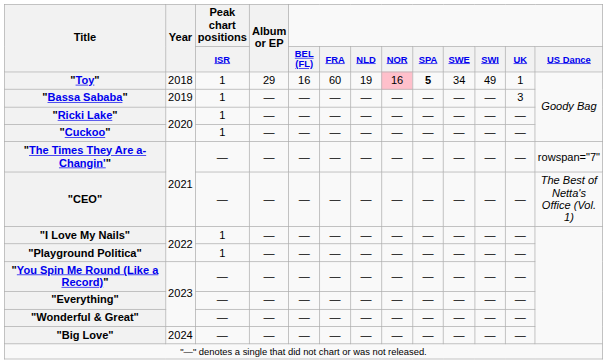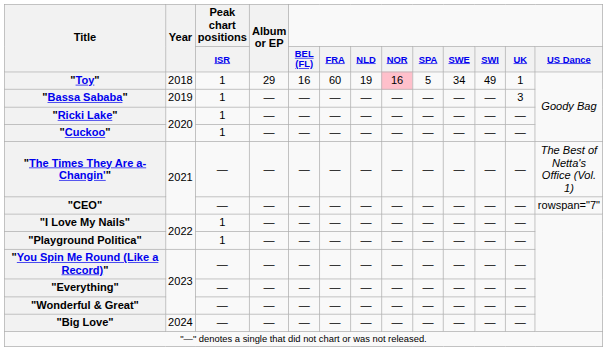 <table class="wikitable plainrowheaders" style="text-align:center;">
 <tr>
 <th scope="col" rowspan="2" style="width:16em;">Title</th>
 <th scope="col" rowspan="2" style="width:1em;">Year</th>
 <th scope="col">Peak chart positions</th>
 <th scope="col" rowspan="2">Album or EP</th>
 </tr>
 <tr>
 <th scope="col" style="width:3em;font-size:85%;"><a href='#'>ISR</a><br></th>
 <th scope="col" style="width:3em;font-size:85%;"><a href='#'>BEL<br>(FL)</a><br></th>
 <th scope="col" style="width:3em;font-size:85%;"><a href='#'>FRA</a><br></th>
 <th scope="col" style="width:3em;font-size:85%;"><a href='#'>NLD</a><br></th>
 <th scope="col" style="width:3em;font-size:85%;"><a href='#'>NOR</a><br></th>
 <th scope="col" style="width:3em;font-size:85%;"><a href='#'>SPA</a><br></th>
 <th scope="col" style="width:3em;font-size:85%;"><a href='#'>SWE</a><br></th>
 <th scope="col" style="width:3em;font-size:85%;"><a href='#'>SWI</a><br></th>
 <th scope="col" style="width:3em;font-size:85%;"><a href='#'>UK</a><br></th>
 <th scope="col" style="width:3em;font-size:85%;"><a href='#'>US Dance</a><br></th>
 </tr>
 <tr>
 <th scope="row">"<a href='#'>Toy</a>"</th>
 <td>2018</td>
 <td>1</td>
 <td>29</td>
 <td>16</td>
 <td>60</td>
 <td>19</td>
 <td style="background: pink;">16</td>
-<td><strong>5</strong></td>
+<td>5</td>
 <td>34</td>
 <td>49</td>
 <td>1</td>
 <td rowspan="4"><em>Goody Bag</em></td>
 </tr>
 <tr>
 <th scope="row">"<a href='#'>Bassa Sababa</a>"</th>
 <td>2019</td>
 <td>1</td>
 <td>—</td>
 <td>—</td>
 <td>—</td>
 <td>—</td>
 <td>—</td>
 <td>—</td>
 <td>—</td>
 <td>—</td>
 <td>3</td>
 </tr>
 <tr>
 <th scope="row">"<a href='#'>Ricki Lake</a>"</th>
 <td rowspan="2">2020</td>
 <td>1</td>
 <td>—</td>
 <td>—</td>
 <td>—</td>
 <td>—</td>
 <td>—</td>
 <td>—</td>
 <td>—</td>
 <td>—</td>
 <td>—</td>
 </tr>
 <tr>
 <th scope="row">"<a href='#'>Cuckoo</a>"</th>
 <td>1</td>
 <td>—</td>
 <td>—</td>
 <td>—</td>
 <td>—</td>
 <td>—</td>
 <td>—</td>
 <td>—</td>
 <td>—</td>
 <td>—</td>
 </tr>
 <tr>
 <th scope="row">"<a href='#'>The Times They Are a-Changin'</a>"</th>
 <td rowspan="2">2021</td>
 <td>—</td>
 <td>—</td>
 <td>—</td>
 <td>—</td>
 <td>—</td>
 <td>—</td>
 <td>—</td>
 <td>—</td>
 <td>—</td>
 <td>—</td>
-<td>rowspan="7" </td>
+<td><em>The Best of Netta's Office (Vol. 1)</em></td>
 </tr>
 <tr>
 <th scope="row">"CEO"</th>
 <td>—</td>
 <td>—</td>
 <td>—</td>
 <td>—</td>
 <td>—</td>
 <td>—</td>
 <td>—</td>
 <td>—</td>
 <td>—</td>
 <td>—</td>
-<td><em>The Best of Netta's Office (Vol. 1)</em></td>
+<td>rowspan="7" </td>
 </tr>
 <tr>
 <th scope="row">"I Love My Nails"</th>
 <td rowspan="2">2022</td>
 <td>1</td>
 <td>—</td>
 <td>—</td>
 <td>—</td>
 <td>—</td>
 <td>—</td>
 <td>—</td>
 <td>—</td>
 <td>—</td>
 <td>—</td>
 </tr>
 <tr>
 <th scope="row">"Playground Politica"<br></th>
 <td>1</td>
 <td>—</td>
 <td>—</td>
 <td>—</td>
 <td>—</td>
 <td>—</td>
 <td>—</td>
 <td>—</td>
 <td>—</td>
 <td>—</td>
 </tr>
 <tr>
 <th scope="row">"<a href='#'>You Spin Me Round (Like a Record)</a>"</th>
 <td rowspan="3">2023</td>
 <td>—</td>
 <td>—</td>
 <td>—</td>
 <td>—</td>
 <td>—</td>
 <td>—</td>
 <td>—</td>
 <td>—</td>
 <td>—</td>
 <td>—</td>
 </tr>
 <tr>
 <th scope="row">"Everything"</th>
 <td>—</td>
 <td>—</td>
 <td>—</td>
 <td>—</td>
 <td>—</td>
 <td>—</td>
 <td>—</td>
 <td>—</td>
 <td>—</td>
 <td>—</td>
 </tr>
 <tr>
 <th scope="row">"Wonderful & Great"</th>
 <td>—</td>
 <td>—</td>
 <td>—</td>
 <td>—</td>
 <td>—</td>
 <td>—</td>
 <td>—</td>
 <td>—</td>
 <td>—</td>
 <td>—</td>
 </tr>
 <tr>
 <th scope="row">"Big Love"</th>
 <td>2024</td>
 <td>—</td>
 <td>—</td>
 <td>—</td>
 <td>—</td>
 <td>—</td>
 <td>—</td>
 <td>—</td>
 <td>—</td>
 <td>—</td>
 <td>—</td>
 </tr>
 <tr>
 <td colspan="14" style="font-size:85%;">"—" denotes a single that did not chart or was not released.</td>
 </tr>
 </table>
